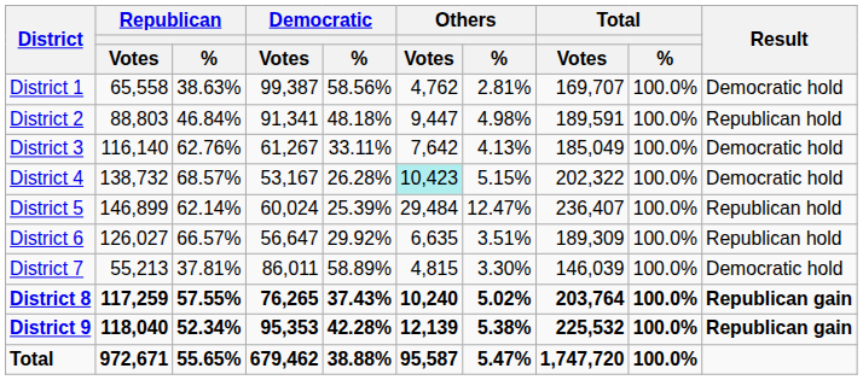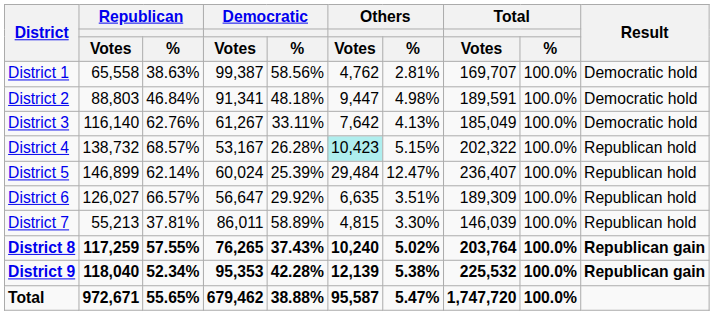 <table class="wikitable plainrowheaders sortable" style="font-size:100%; text-align:right;">
 <tr>
 <th scope=col rowspan=3><a href='#'>District</a></th>
 <th scope=col colspan=2><a href='#'>Republican</a></th>
 <th scope=col colspan=2><a href='#'>Democratic</a></th>
 <th scope=col colspan=2>Others</th>
 <th scope=col colspan=2>Total</th>
 <th scope=col rowspan=3>Result</th>
 </tr>
 <tr>
 <th scope=col colspan=2 style="background:"></th>
 <th scope=col colspan=2 style="background:"></th>
 <th scope=col colspan=2></th>
 <th scope=col colspan=2></th>
 </tr>
 <tr>
 <th scope=col data-sort-type="number">Votes</th>
 <th scope=col data-sort-type="number">%</th>
 <th scope=col data-sort-type="number">Votes</th>
 <th scope=col data-sort-type="number">%</th>
 <th scope=col data-sort-type="number">Votes</th>
 <th scope=col data-sort-type="number">%</th>
 <th scope=col data-sort-type="number">Votes</th>
 <th scope=col data-sort-type="number">%</th>
 </tr>
 <tr>
 <td align=left><a href='#'>District 1</a></td>
 <td>65,558</td>
 <td>38.63%</td>
 <td>99,387</td>
 <td>58.56%</td>
 <td>4,762</td>
 <td>2.81%</td>
 <td>169,707</td>
 <td>100.0%</td>
 <td align=left>Democratic hold</td>
 </tr>
 <tr>
 <td align=left><a href='#'>District 2</a></td>
 <td>88,803</td>
 <td>46.84%</td>
 <td>91,341</td>
 <td>48.18%</td>
 <td>9,447</td>
 <td>4.98%</td>
 <td>189,591</td>
 <td>100.0%</td>
-<td align=left>Republican hold</td>
+<td align=left>Democratic hold</td>
 </tr>
 <tr>
 <td align=left><a href='#'>District 3</a></td>
 <td>116,140</td>
 <td>62.76%</td>
 <td>61,267</td>
 <td>33.11%</td>
 <td>7,642</td>
 <td>4.13%</td>
 <td>185,049</td>
 <td>100.0%</td>
 <td align=left>Democratic hold</td>
 </tr>
 <tr>
 <td align=left><a href='#'>District 4</a></td>
 <td>138,732</td>
 <td>68.57%</td>
 <td>53,167</td>
 <td>26.28%</td>
 <td style="background: paleturquoise;">10,423</td>
 <td>5.15%</td>
 <td>202,322</td>
 <td>100.0%</td>
-<td align=left>Democratic hold</td>
+<td align=left>Republican hold</td>
 </tr>
 <tr>
 <td align=left><a href='#'>District 5</a></td>
 <td>146,899</td>
 <td>62.14%</td>
 <td>60,024</td>
 <td>25.39%</td>
 <td>29,484</td>
 <td>12.47%</td>
 <td>236,407</td>
 <td>100.0%</td>
 <td align=left>Republican hold</td>
 </tr>
 <tr>
 <td align=left><a href='#'>District 6</a></td>
 <td>126,027</td>
 <td>66.57%</td>
 <td>56,647</td>
 <td>29.92%</td>
 <td>6,635</td>
 <td>3.51%</td>
 <td>189,309</td>
 <td>100.0%</td>
 <td align=left>Republican hold</td>
 </tr>
 <tr>
 <td align=left><a href='#'>District 7</a></td>
 <td>55,213</td>
 <td>37.81%</td>
 <td>86,011</td>
 <td>58.89%</td>
 <td>4,815</td>
 <td>3.30%</td>
 <td>146,039</td>
 <td>100.0%</td>
-<td align=left>Democratic hold</td>
+<td align=left>Republican hold</td>
 </tr>
 <tr>
 <td align=left><strong><a href='#'>District 8</a></strong></td>
 <td><strong>117,259</strong></td>
 <td><strong>57.55%</strong></td>
 <td><strong>76,265</strong></td>
 <td><strong>37.43%</strong></td>
 <td><strong>10,240</strong></td>
 <td><strong>5.02%</strong></td>
 <td><strong>203,764</strong></td>
 <td><strong>100.0%</strong></td>
 <td align=left><strong>Republican gain</strong></td>
 </tr>
 <tr>
 <td align=left><strong><a href='#'>District 9</a></strong></td>
 <td><strong>118,040</strong></td>
 <td><strong>52.34%</strong></td>
 <td><strong>95,353</strong></td>
 <td><strong>42.28%</strong></td>
 <td><strong>12,139</strong></td>
 <td><strong>5.38%</strong></td>
 <td><strong>225,532</strong></td>
 <td><strong>100.0%</strong></td>
 <td align=left><strong>Republican gain</strong></td>
 </tr>
 <tr class="sortbottom" style="font-weight:bold">
 <td align=left>Total</td>
 <td>972,671</td>
 <td>55.65%</td>
 <td>679,462</td>
 <td>38.88%</td>
 <td>95,587</td>
 <td>5.47%</td>
 <td>1,747,720</td>
 <td>100.0%</td>
 <td></td>
 </tr>
 </table>
